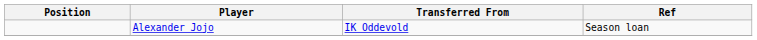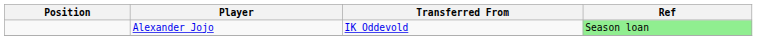 <table class="wikitable sortable" style="width:80%; text-align:center; font-size:100%; text-align:left;">
 <tr>
 <th>Position</th>
 <th>Player</th>
 <th>Transferred From</th>
 <th>Ref</th>
 </tr>
 <tr>
 <td></td>
 <td> <a href='#'>Alexander Jojo</a></td>
 <td> <a href='#'>IK Oddevold</a></td>
-<td>Season loan</td>
+<td style="background: lightgreen;">Season loan</td>
 </tr>
 <tr>
 </tr>
 </table>
